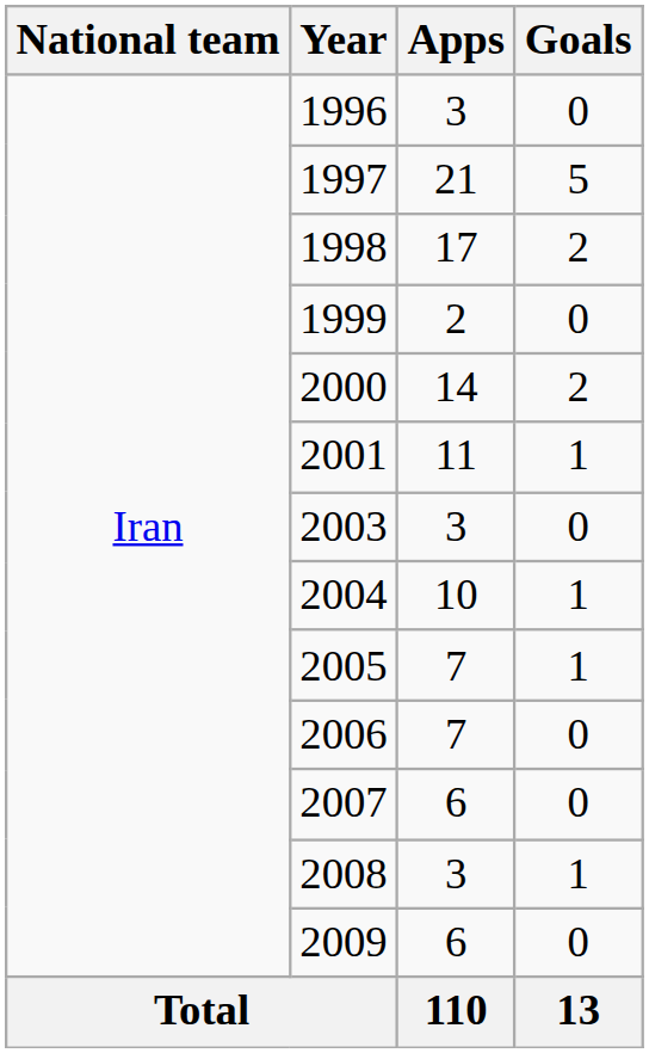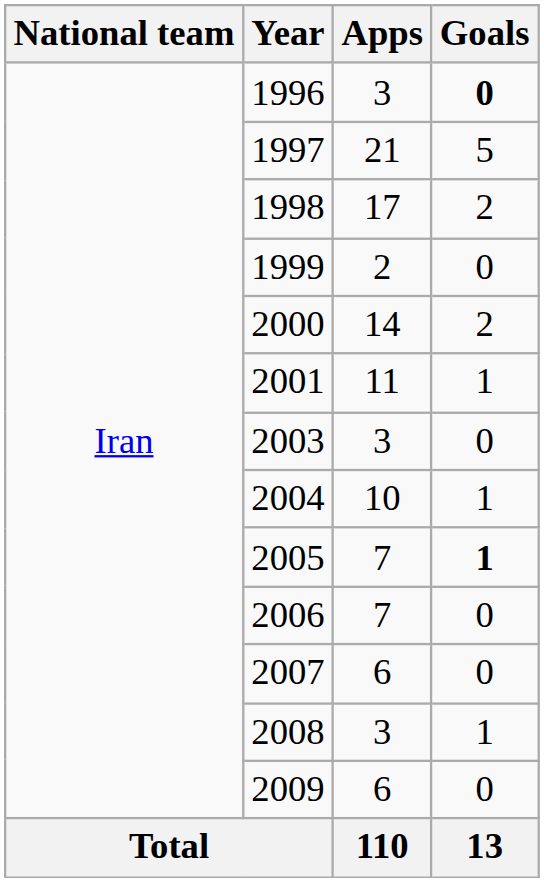 <table class="wikitable" style="text-align:center">
 <tr>
 <th>National team</th>
 <th>Year</th>
 <th>Apps</th>
 <th>Goals</th>
 </tr>
 <tr>
 <td rowspan="13"><a href='#'>Iran</a></td>
 <td>1996</td>
 <td>3</td>
-<td>0</td>
+<td><strong>0</strong></td>
 </tr>
 <tr>
 <td>1997</td>
 <td>21</td>
 <td>5</td>
 </tr>
 <tr>
 <td>1998</td>
 <td>17</td>
 <td>2</td>
 </tr>
 <tr>
 <td>1999</td>
 <td>2</td>
 <td>0</td>
 </tr>
 <tr>
 <td>2000</td>
 <td>14</td>
 <td>2</td>
 </tr>
 <tr>
 <td>2001</td>
 <td>11</td>
 <td>1</td>
 </tr>
 <tr>
 <td>2003</td>
 <td>3</td>
 <td>0</td>
 </tr>
 <tr>
 <td>2004</td>
 <td>10</td>
 <td>1</td>
 </tr>
 <tr>
 <td>2005</td>
 <td>7</td>
-<td>1</td>
+<td><strong>1</strong></td>
 </tr>
 <tr>
 <td>2006</td>
 <td>7</td>
 <td>0</td>
 </tr>
 <tr>
 <td>2007</td>
 <td>6</td>
 <td>0</td>
 </tr>
 <tr>
 <td>2008</td>
 <td>3</td>
 <td>1</td>
 </tr>
 <tr>
 <td>2009</td>
 <td>6</td>
 <td>0</td>
 </tr>
 <tr>
 <th colspan="2">Total</th>
 <th>110</th>
 <th>13</th>
 </tr>
 </table>
